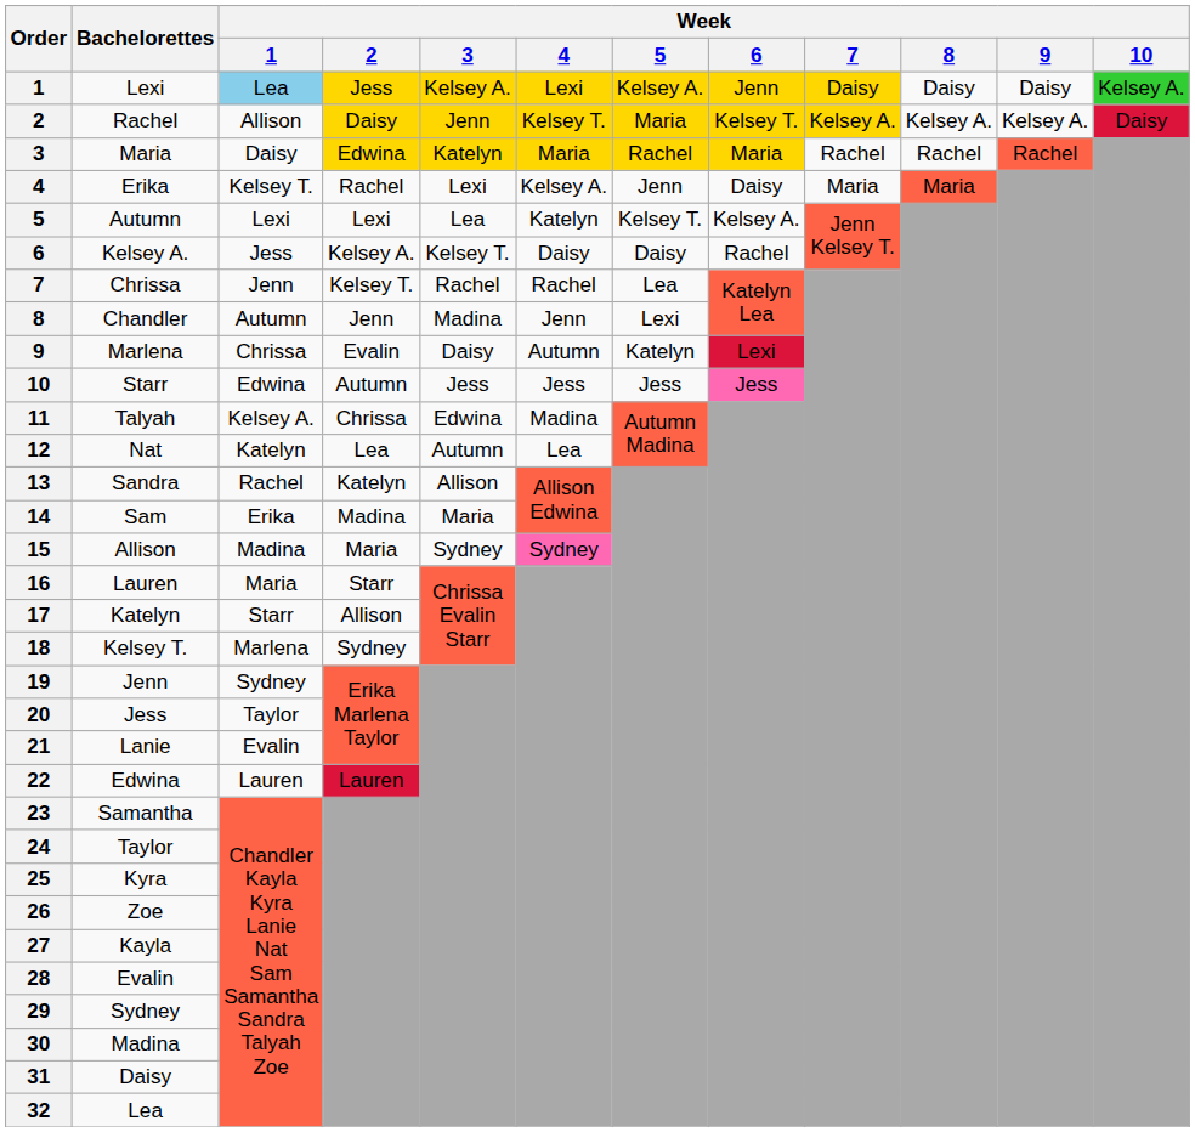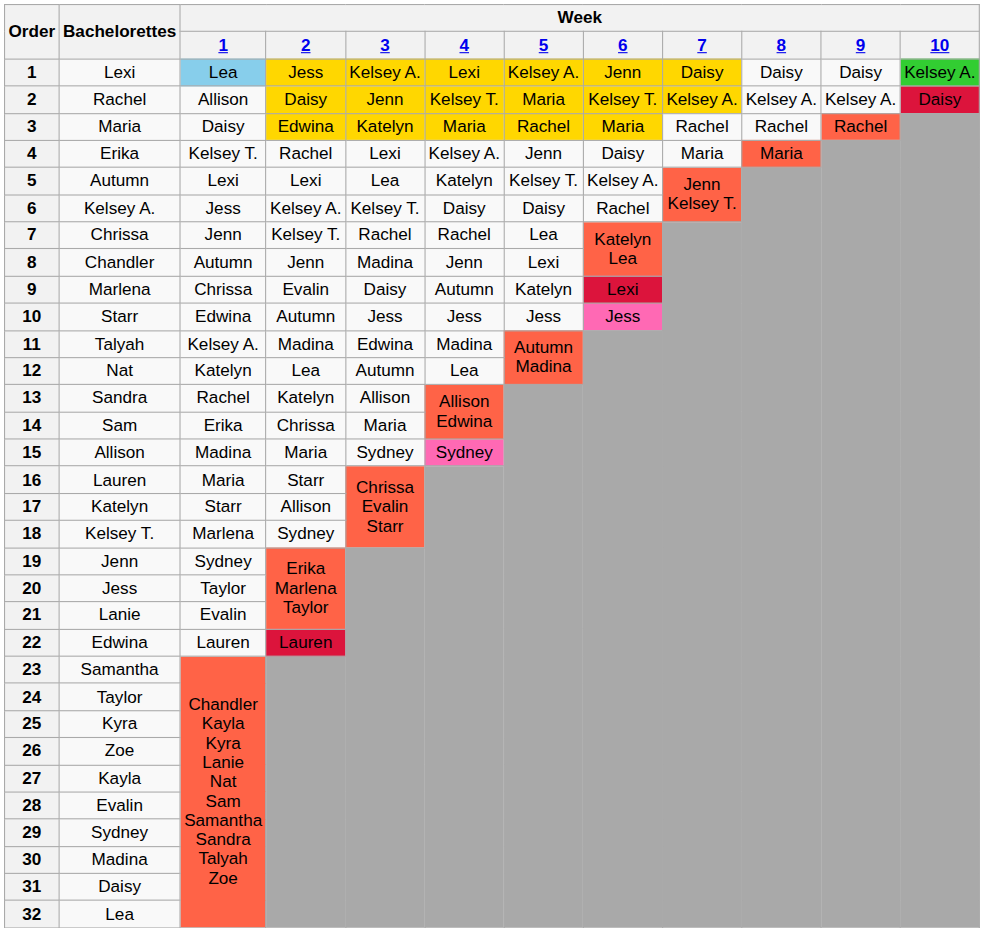 <table class="wikitable nowrap" style="text-align:center;">
 <tr>
 <th rowspan="2">Order</th>
 <th rowspan="2">Bachelorettes</th>
 <th colspan="10">Week</th>
 </tr>
 <tr>
 <th><a href='#'>1</a></th>
 <th><a href='#'>2</a></th>
 <th><a href='#'>3</a></th>
 <th><a href='#'>4</a></th>
 <th><a href='#'>5</a></th>
 <th><a href='#'>6</a></th>
 <th><a href='#'>7</a></th>
 <th><a href='#'>8</a></th>
 <th><a href='#'>9</a></th>
 <th><a href='#'>10</a></th>
 </tr>
 <tr>
 <th>1</th>
 <td>Lexi</td>
 <td style="background:skyblue">Lea</td>
 <td style="background:gold">Jess</td>
 <td style="background:gold">Kelsey A.</td>
 <td style="background:gold">Lexi</td>
 <td style="background:gold">Kelsey A.</td>
 <td style="background:gold">Jenn</td>
 <td style="background:gold">Daisy</td>
 <td>Daisy</td>
 <td>Daisy</td>
 <td style="background:limegreen">Kelsey A.</td>
 </tr>
 <tr>
 <th>2</th>
 <td>Rachel</td>
 <td>Allison</td>
 <td style="background:gold">Daisy</td>
 <td style="background:gold">Jenn</td>
 <td style="background:gold">Kelsey T.</td>
 <td style="background:gold">Maria</td>
 <td style="background:gold">Kelsey T.</td>
 <td style="background:gold">Kelsey A.</td>
 <td>Kelsey A.</td>
 <td>Kelsey A.</td>
 <td bgcolor="crimson"><span>Daisy</span></td>
 </tr>
 <tr>
 <th>3</th>
 <td>Maria</td>
 <td>Daisy</td>
 <td style="background:gold">Edwina</td>
 <td style="background:gold">Katelyn</td>
 <td style="background:gold">Maria</td>
 <td style="background:gold">Rachel</td>
 <td style="background:gold">Maria</td>
 <td>Rachel</td>
 <td>Rachel</td>
 <td style="background:tomato">Rachel</td>
 <td rowspan="30" bgcolor="darkgray"></td>
 </tr>
 <tr>
 <th>4</th>
 <td>Erika</td>
 <td>Kelsey T.</td>
 <td>Rachel</td>
 <td>Lexi</td>
 <td>Kelsey A.</td>
 <td>Jenn</td>
 <td>Daisy</td>
 <td>Maria</td>
 <td style="background:tomato">Maria</td>
 <td rowspan="29" bgcolor="darkgray"></td>
 </tr>
 <tr>
 <th>5</th>
 <td>Autumn</td>
 <td>Lexi</td>
 <td>Lexi</td>
 <td>Lea</td>
 <td>Katelyn</td>
 <td>Kelsey T.</td>
 <td>Kelsey A.</td>
 <td rowspan="2" bgcolor="tomato">Jenn<br>Kelsey T.</td>
 <td rowspan="28" bgcolor="darkgray"></td>
 </tr>
 <tr>
 <th>6</th>
 <td>Kelsey A.</td>
 <td>Jess</td>
 <td>Kelsey A.</td>
 <td>Kelsey T.</td>
 <td>Daisy</td>
 <td>Daisy</td>
 <td>Rachel</td>
 </tr>
 <tr>
 <th>7</th>
 <td>Chrissa</td>
 <td>Jenn</td>
 <td>Kelsey T.</td>
 <td>Rachel</td>
 <td>Rachel</td>
 <td>Lea</td>
 <td rowspan="2" bgcolor="tomato">Katelyn<br>Lea</td>
 <td rowspan="26" bgcolor="darkgray"></td>
 </tr>
 <tr>
 <th>8</th>
 <td>Chandler</td>
 <td>Autumn</td>
 <td>Jenn</td>
 <td>Madina</td>
 <td>Jenn</td>
 <td>Lexi</td>
 </tr>
 <tr>
 <th>9</th>
 <td>Marlena</td>
 <td>Chrissa</td>
 <td>Evalin</td>
 <td>Daisy</td>
 <td>Autumn</td>
 <td>Katelyn</td>
 <td bgcolor="crimson"><span>Lexi</span></td>
 </tr>
 <tr>
 <th>10</th>
 <td>Starr</td>
 <td>Edwina</td>
 <td>Autumn</td>
 <td>Jess</td>
 <td>Jess</td>
 <td>Jess</td>
 <td style="background:hotpink">Jess</td>
 </tr>
 <tr>
 <th>11</th>
 <td>Talyah</td>
 <td>Kelsey A.</td>
-<td>Chrissa</td>
+<td>Madina</td>
 <td>Edwina</td>
 <td>Madina</td>
 <td rowspan="2" bgcolor="tomato">Autumn<br>Madina</td>
 <td rowspan="22" bgcolor="darkgray"></td>
 </tr>
 <tr>
 <th>12</th>
 <td>Nat</td>
 <td>Katelyn</td>
 <td>Lea</td>
 <td>Autumn</td>
 <td>Lea</td>
 </tr>
 <tr>
 <th>13</th>
 <td>Sandra</td>
 <td>Rachel</td>
 <td>Katelyn</td>
 <td>Allison</td>
 <td rowspan="2" bgcolor="tomato">Allison<br>Edwina</td>
 <td rowspan="20" bgcolor="darkgray"></td>
 </tr>
 <tr>
 <th>14</th>
 <td>Sam</td>
 <td>Erika</td>
-<td>Madina</td>
+<td>Chrissa</td>
 <td>Maria</td>
 </tr>
 <tr>
 <th>15</th>
 <td>Allison</td>
 <td>Madina</td>
 <td>Maria</td>
 <td>Sydney</td>
 <td style="background:hotpink">Sydney</td>
 </tr>
 <tr>
 <th>16</th>
 <td>Lauren</td>
 <td>Maria</td>
 <td>Starr</td>
 <td rowspan="3" bgcolor="tomato">Chrissa<br>Evalin<br>Starr</td>
 <td rowspan="17" bgcolor="darkgray"></td>
 </tr>
 <tr>
 <th>17</th>
 <td>Katelyn</td>
 <td>Starr</td>
 <td>Allison</td>
 </tr>
 <tr>
 <th>18</th>
 <td>Kelsey T.</td>
 <td>Marlena</td>
 <td>Sydney</td>
 </tr>
 <tr>
 <th>19</th>
 <td>Jenn</td>
 <td>Sydney</td>
 <td rowspan="3" bgcolor="tomato">Erika<br>Marlena<br>Taylor</td>
 <td rowspan="14" bgcolor="darkgray"></td>
 </tr>
 <tr>
 <th>20</th>
 <td>Jess</td>
 <td>Taylor</td>
 </tr>
 <tr>
 <th>21</th>
 <td>Lanie</td>
 <td>Evalin</td>
 </tr>
 <tr>
 <th>22</th>
 <td>Edwina</td>
 <td>Lauren</td>
 <td bgcolor="crimson"><span>Lauren</span></td>
 </tr>
 <tr>
 <th>23</th>
 <td>Samantha</td>
 <td rowspan="10" bgcolor="tomato">Chandler<br>Kayla<br>Kyra<br>Lanie<br>Nat<br>Sam<br>Samantha<br>Sandra<br>Talyah<br>Zoe</td>
 <td rowspan="10" bgcolor="darkgray"></td>
 </tr>
 <tr>
 <th>24</th>
 <td>Taylor</td>
 </tr>
 <tr>
 <th>25</th>
 <td>Kyra</td>
 </tr>
 <tr>
 <th>26</th>
 <td>Zoe</td>
 </tr>
 <tr>
 <th>27</th>
 <td>Kayla</td>
 </tr>
 <tr>
 <th>28</th>
 <td>Evalin</td>
 </tr>
 <tr>
 <th>29</th>
 <td>Sydney</td>
 </tr>
 <tr>
 <th>30</th>
 <td>Madina</td>
 </tr>
 <tr>
 <th>31</th>
 <td>Daisy</td>
 </tr>
 <tr>
 <th>32</th>
 <td>Lea</td>
 </tr>
 </table>
